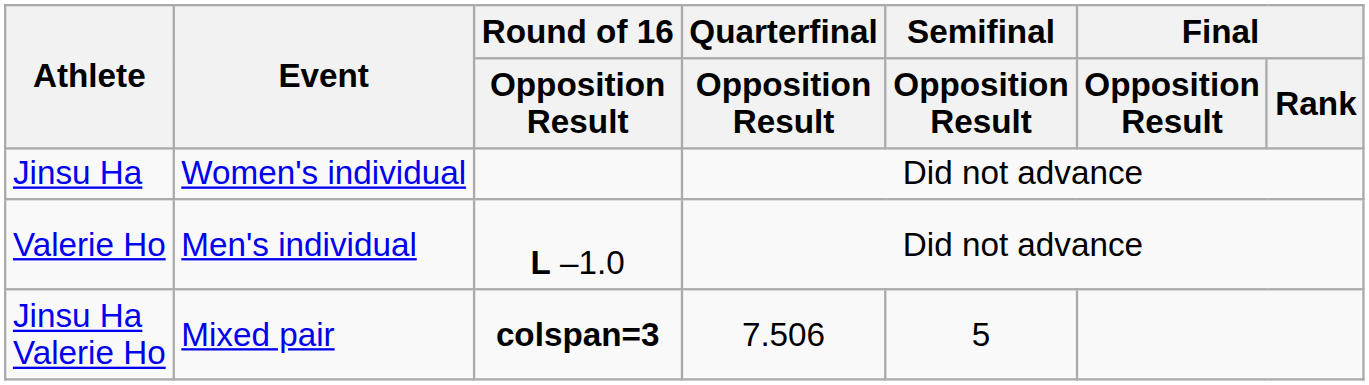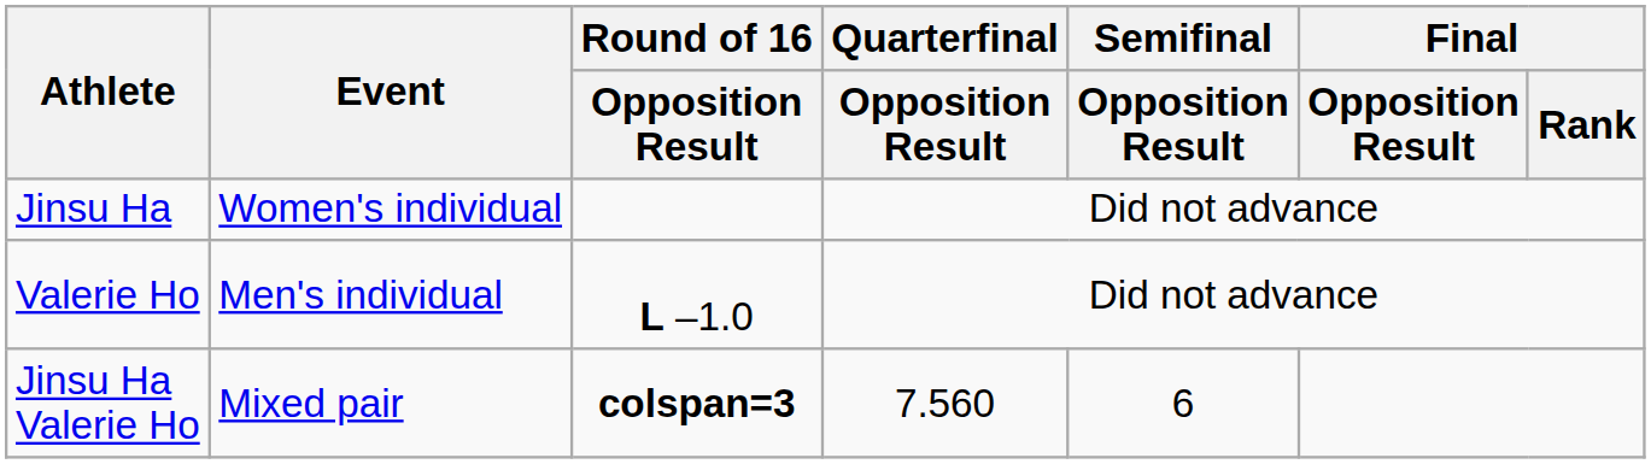 <table class=wikitable style=font-size:90%;text-align:center>
 <tr>
 <th rowspan=2>Athlete</th>
 <th rowspan=2>Event</th>
 <th>Round of 16</th>
 <th>Quarterfinal</th>
 <th>Semifinal</th>
 <th colspan=2>Final</th>
 </tr>
 <tr>
 <th>Opposition<br>Result</th>
 <th>Opposition<br>Result</th>
 <th>Opposition<br>Result</th>
 <th>Opposition<br>Result</th>
 <th>Rank</th>
 </tr>
 <tr align=center>
 <td align=left><a href='#'>Jinsu Ha</a></td>
 <td align=left><a href='#'>Women's individual</a></td>
 <td><br></td>
 <td colspan=4>Did not advance</td>
 </tr>
 <tr align=center>
 <td align=left><a href='#'>Valerie Ho</a></td>
 <td align=left><a href='#'>Men's individual</a></td>
 <td><br><strong>L</strong> –1.0</td>
 <td colspan="4">Did not advance</td>
 </tr>
 <tr align=center>
 <td align=left><a href='#'>Jinsu Ha</a><br><a href='#'>Valerie Ho</a></td>
 <td align=left><a href='#'>Mixed pair</a></td>
 <td><strong>colspan=3 </strong></td>
-<td>7.506</td>
-<td>5</td>
+<td>7.560</td>
+<td>6</td>
 </tr>
 </table>
